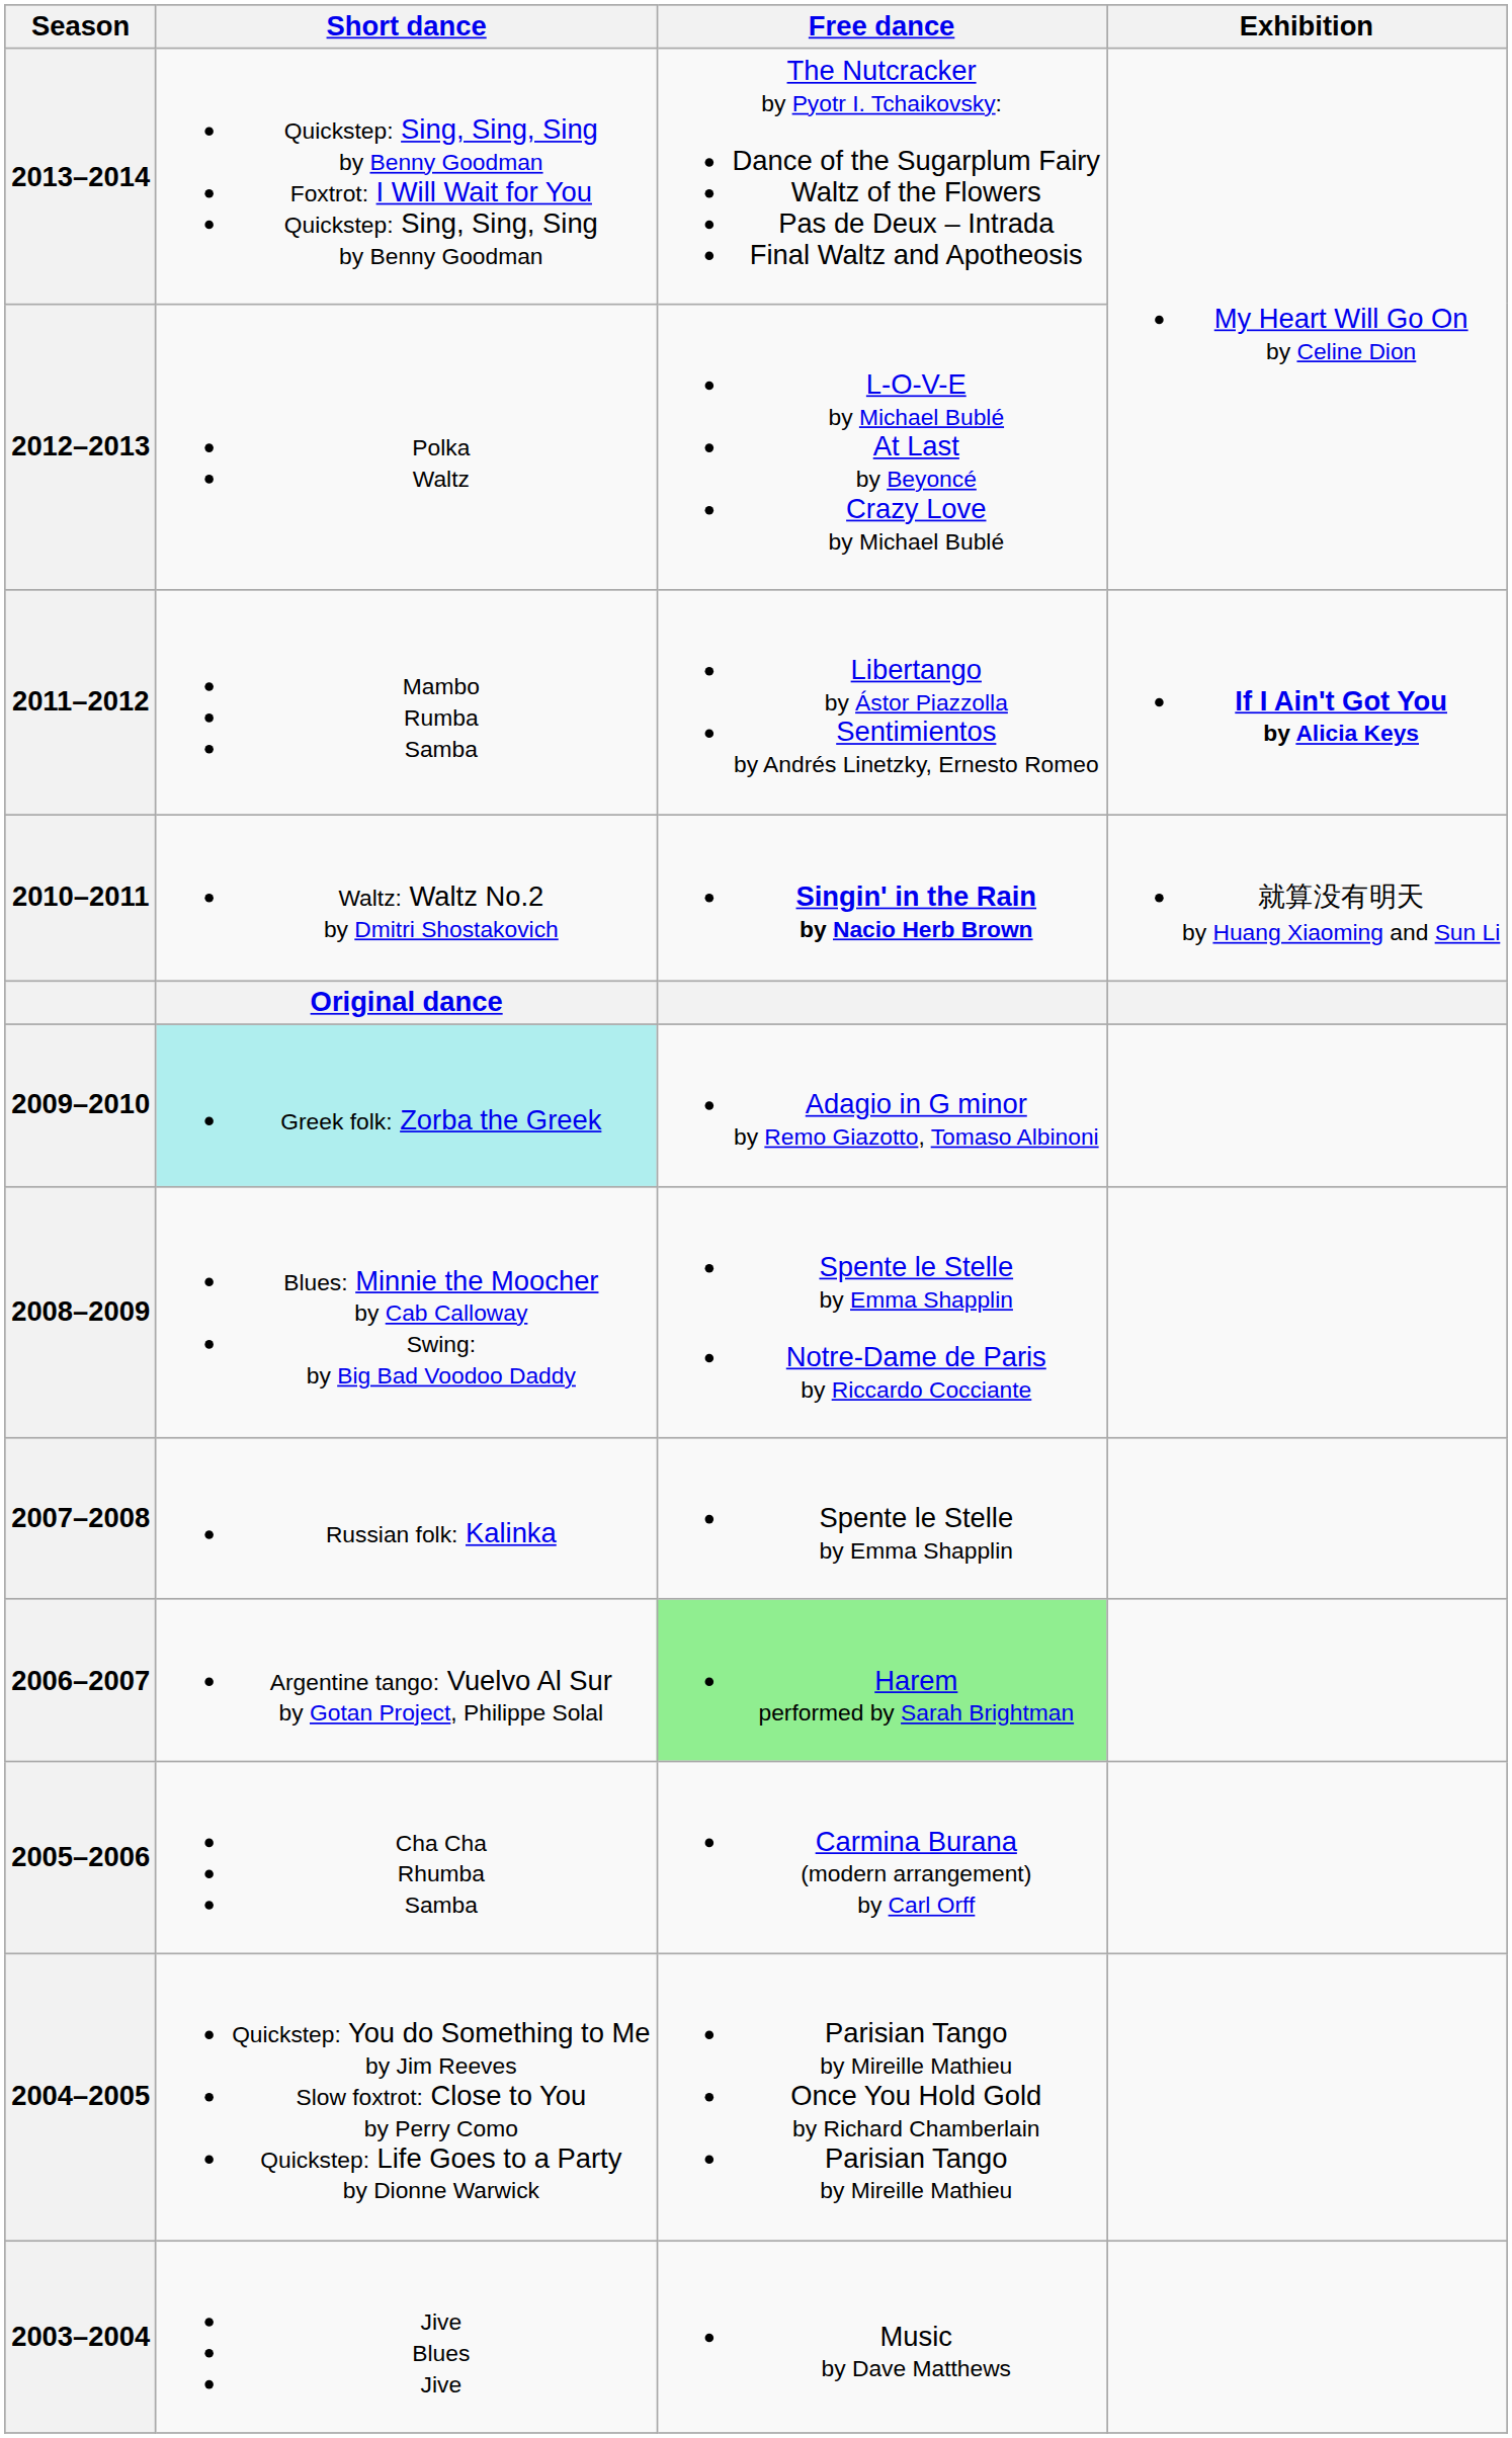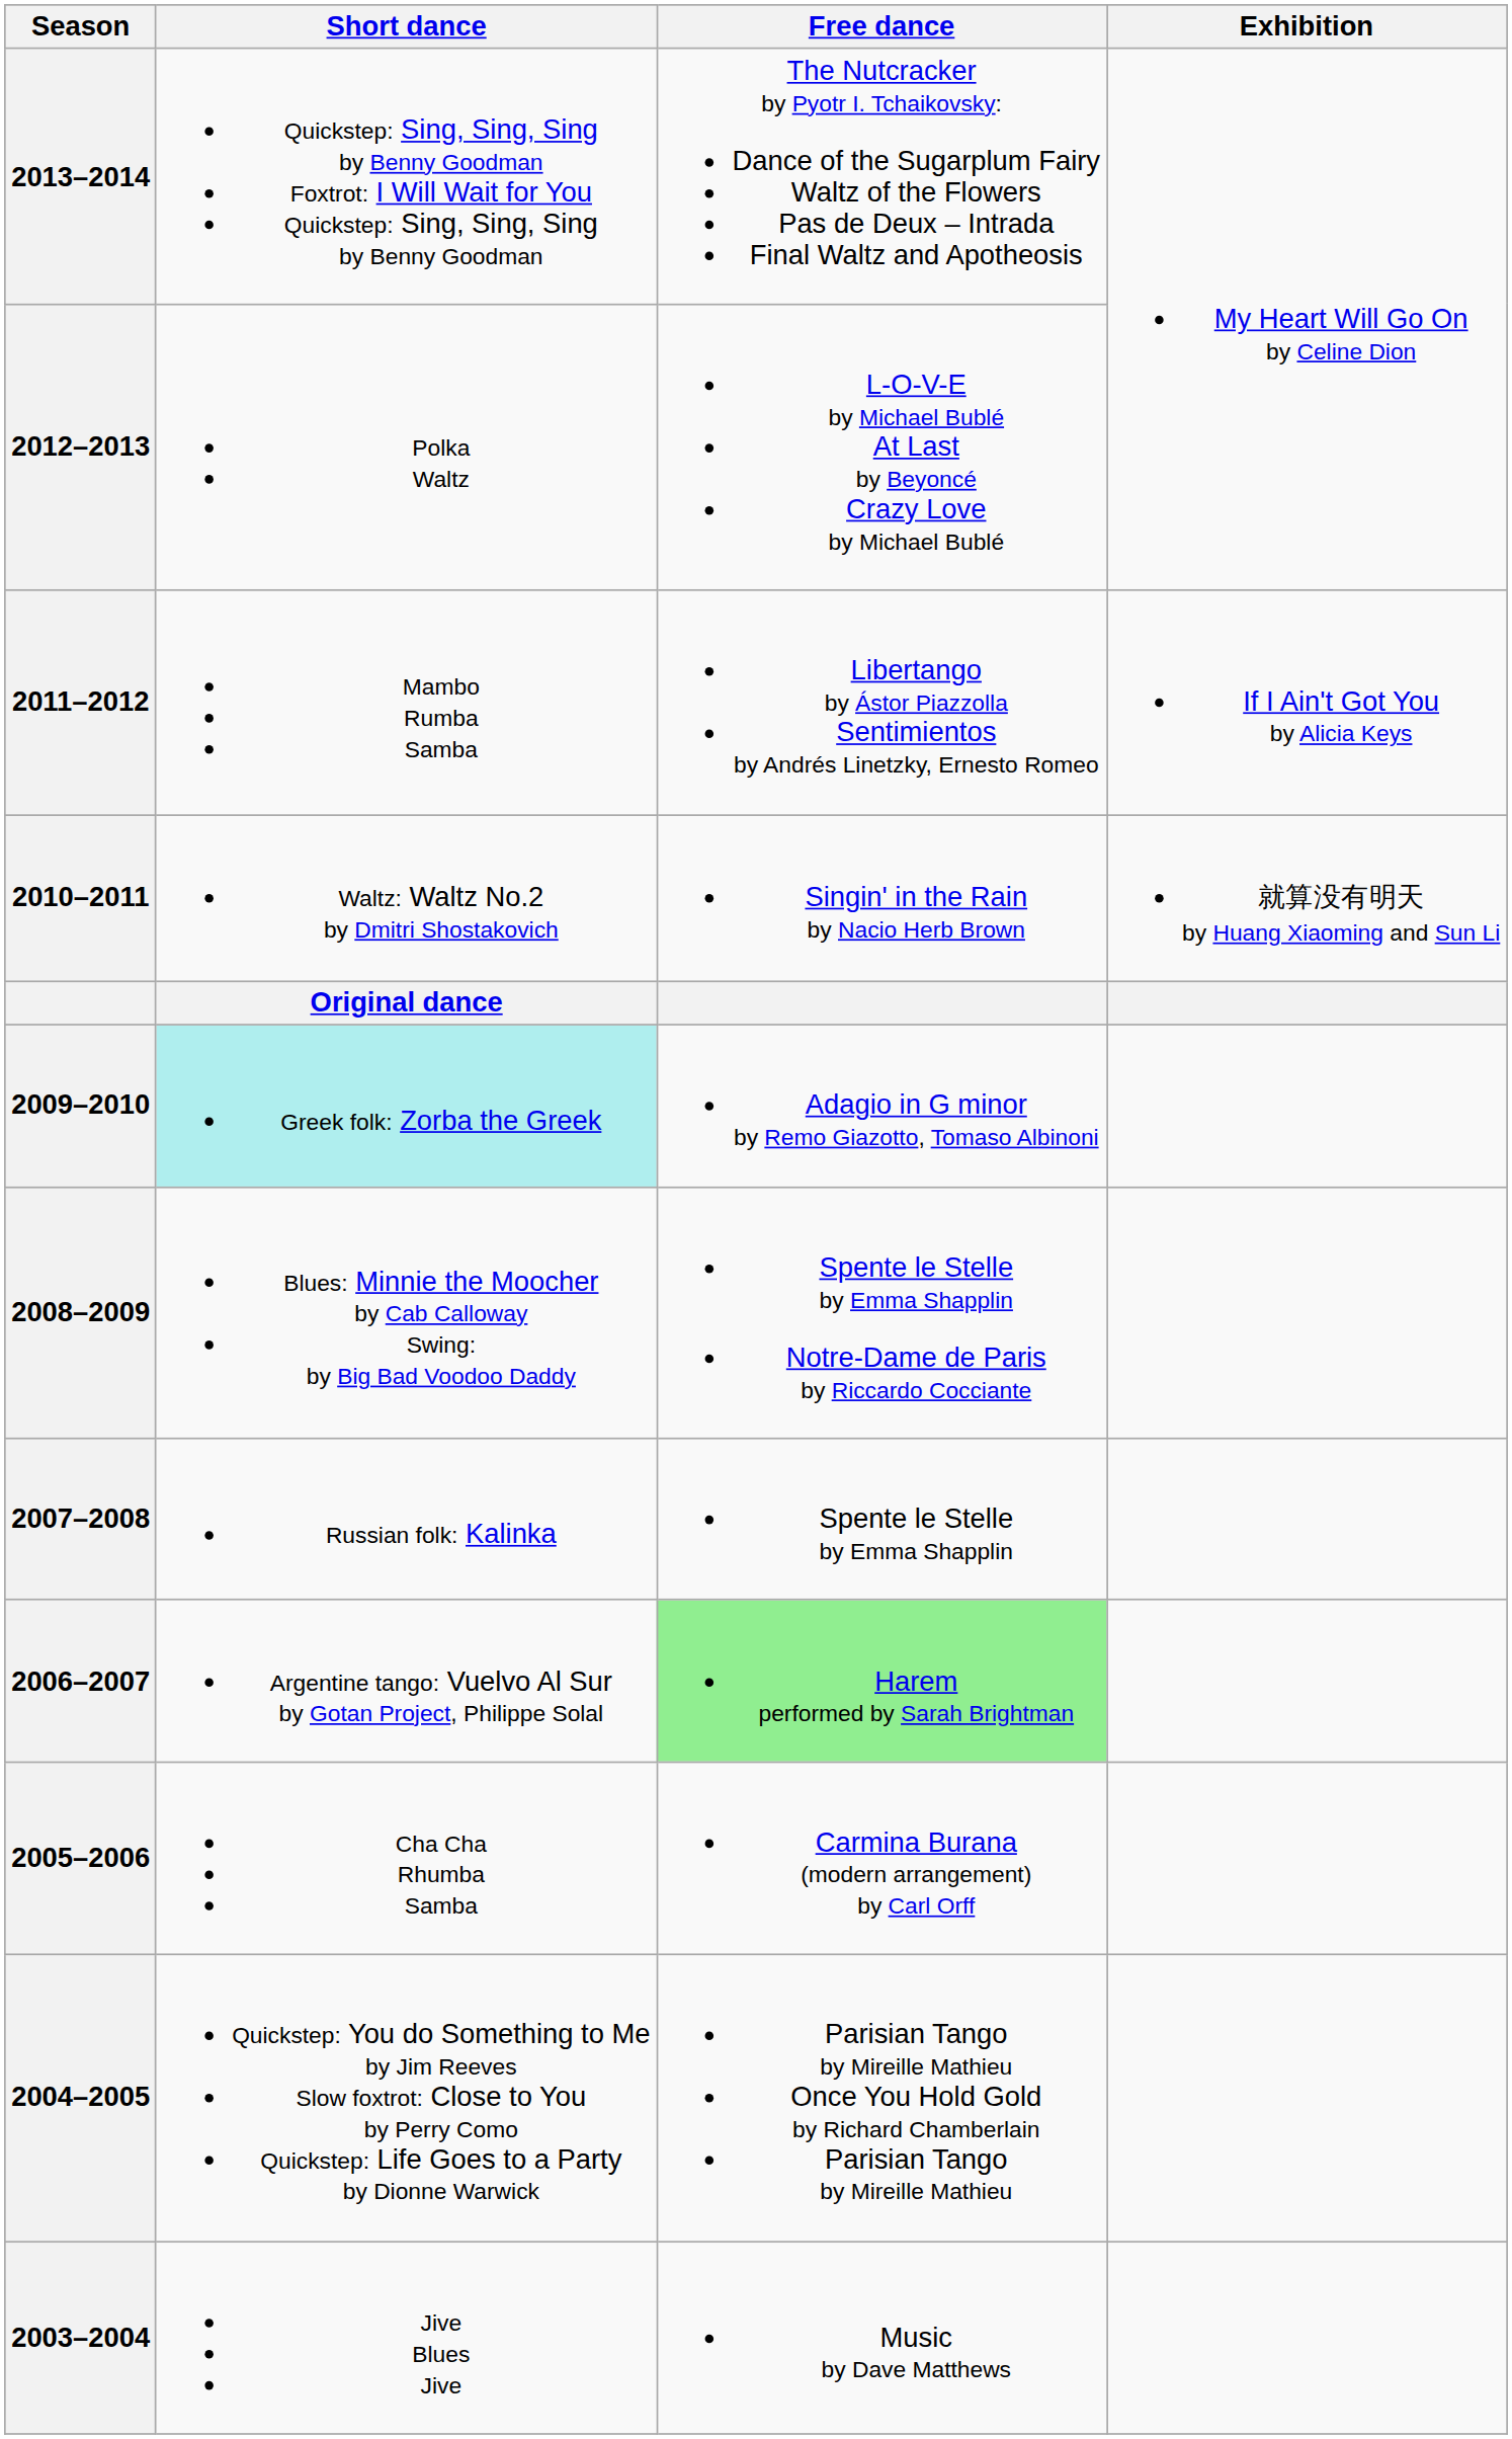 <table class="wikitable" style="text-align:center">
 <tr>
 <th>Season</th>
 <th><a href='#'>Short dance</a></th>
 <th><a href='#'>Free dance</a></th>
 <th>Exhibition</th>
 </tr>
 <tr>
 <th>2013–2014 <br> </th>
 <td><br><ul><li><small>Quickstep:</small> <a href='#'>Sing, Sing, Sing</a> <br><small> by <a href='#'>Benny Goodman</a> </small></li><li><small>Foxtrot:</small> <a href='#'>I Will Wait for You</a></li><li><small>Quickstep:</small> Sing, Sing, Sing <br><small> by Benny Goodman </small></li></ul></td>
 <td><a href='#'>The Nutcracker</a> <br><small> by <a href='#'>Pyotr I. Tchaikovsky</a>: </small><br><ul><li>Dance of the Sugarplum Fairy</li><li>Waltz of the Flowers</li><li>Pas de Deux – Intrada</li><li>Final Waltz and Apotheosis</li></ul></td>
 <td rowspan=2><br><ul><li><a href='#'>My Heart Will Go On</a> <br><small> by <a href='#'>Celine Dion</a> </small></li></ul></td>
 </tr>
 <tr>
 <th>2012–2013 <br> </th>
 <td><br><ul><li><small>Polka</small></li><li><small>Waltz</small></li></ul></td>
 <td><br><ul><li><a href='#'>L-O-V-E</a> <br><small> by <a href='#'>Michael Bublé</a> </small></li><li><a href='#'>At Last</a> <br><small> by <a href='#'>Beyoncé</a> </small></li><li><a href='#'>Crazy Love</a> <br><small> by Michael Bublé </small></li></ul></td>
 </tr>
 <tr>
 <th>2011–2012 <br> </th>
 <td><br><ul><li><small>Mambo</small></li><li><small>Rumba</small></li><li><small>Samba</small></li></ul></td>
 <td><br><ul><li><a href='#'>Libertango</a> <br><small> by <a href='#'>Ástor Piazzolla</a> </small></li><li><a href='#'>Sentimientos</a> <br><small> by Andrés Linetzky, Ernesto Romeo </small></li></ul></td>
-<td><strong><br><ul><li><a href='#'>If I Ain't Got You</a> <br><small> by <a href='#'>Alicia Keys</a> </small></li></ul></strong></td>
+<td><br><ul><li><a href='#'>If I Ain't Got You</a> <br><small> by <a href='#'>Alicia Keys</a> </small></li></ul></td>
 </tr>
 <tr>
 <th>2010–2011 <br> </th>
 <td><br><ul><li><small>Waltz:</small> Waltz No.2 <br><small> by <a href='#'>Dmitri Shostakovich</a> </small></li></ul></td>
-<td><strong><br><ul><li><a href='#'>Singin' in the Rain</a> <br><small> by <a href='#'>Nacio Herb Brown</a> </small></li></ul></strong></td>
+<td><br><ul><li><a href='#'>Singin' in the Rain</a> <br><small> by <a href='#'>Nacio Herb Brown</a> </small></li></ul></td>
 <td><br><ul><li>就算没有明天　<br><small> by <a href='#'>Huang Xiaoming</a> and <a href='#'>Sun Li</a> </small></li></ul></td>
 </tr>
 <tr>
 <th></th>
 <th><a href='#'>Original dance</a></th>
 <th></th>
 <th></th>
 </tr>
 <tr>
 <th>2009–2010 <br> </th>
 <td style="background: paleturquoise;"><br><ul><li><small>Greek folk:</small> <a href='#'>Zorba the Greek</a></li></ul></td>
 <td><br><ul><li><a href='#'>Adagio in G minor</a> <br><small> by <a href='#'>Remo Giazotto</a>, <a href='#'>Tomaso Albinoni</a> </small></li></ul></td>
 <td></td>
 </tr>
 <tr>
 <th>2008–2009 <br> </th>
 <td><br><ul><li><small>Blues:</small> <a href='#'>Minnie the Moocher</a> <br><small> by <a href='#'>Cab Calloway</a> </small></li><li><small>Swing:</small> <br><small> by <a href='#'>Big Bad Voodoo Daddy</a> </small></li></ul></td>
 <td><br><ul><li><a href='#'>Spente le Stelle</a> <br><small> by <a href='#'>Emma Shapplin</a> </small></li></ul><ul><li><a href='#'>Notre-Dame de Paris</a> <br><small> by <a href='#'>Riccardo Cocciante</a> </small></li></ul></td>
 <td></td>
 </tr>
 <tr>
 <th>2007–2008 <br> </th>
 <td><br><ul><li><small>Russian folk:</small> <a href='#'>Kalinka</a></li></ul></td>
 <td><br><ul><li>Spente le Stelle <br><small> by Emma Shapplin </small></li></ul></td>
 <td></td>
 </tr>
 <tr>
 <th>2006–2007 <br> </th>
 <td><br><ul><li><small>Argentine tango:</small> Vuelvo Al Sur <br><small> by <a href='#'>Gotan Project</a>, Philippe Solal </small></li></ul></td>
 <td style="background: lightgreen;"><br><ul><li><a href='#'>Harem</a> <br><small> performed by <a href='#'>Sarah Brightman</a> </small></li></ul></td>
 <td></td>
 </tr>
 <tr>
 <th>2005–2006 <br> </th>
 <td><br><ul><li><small>Cha Cha</small></li><li><small>Rhumba</small></li><li><small>Samba</small></li></ul></td>
 <td><br><ul><li><a href='#'>Carmina Burana</a> <br><small> (modern arrangement) <br> by <a href='#'>Carl Orff</a> </small></li></ul></td>
 <td></td>
 </tr>
 <tr>
 <th>2004–2005 <br> </th>
 <td><br><ul><li><small>Quickstep:</small> You do Something to Me <br><small> by Jim Reeves </small></li><li><small>Slow foxtrot:</small> Close to You <br><small> by Perry Como </small></li><li><small>Quickstep:</small> Life Goes to a Party <br><small> by Dionne Warwick </small></li></ul></td>
 <td><br><ul><li>Parisian Tango <br><small> by Mireille Mathieu </small></li><li>Once You Hold Gold <br><small> by Richard Chamberlain </small></li><li>Parisian Tango <br><small> by Mireille Mathieu </small></li></ul></td>
 <td></td>
 </tr>
 <tr>
 <th>2003–2004 <br> </th>
 <td><br><ul><li><small>Jive</small></li><li><small>Blues</small></li><li><small>Jive</small></li></ul></td>
 <td><br><ul><li>Music <br><small> by Dave Matthews </small></li></ul></td>
 <td></td>
 </tr>
 </table>
